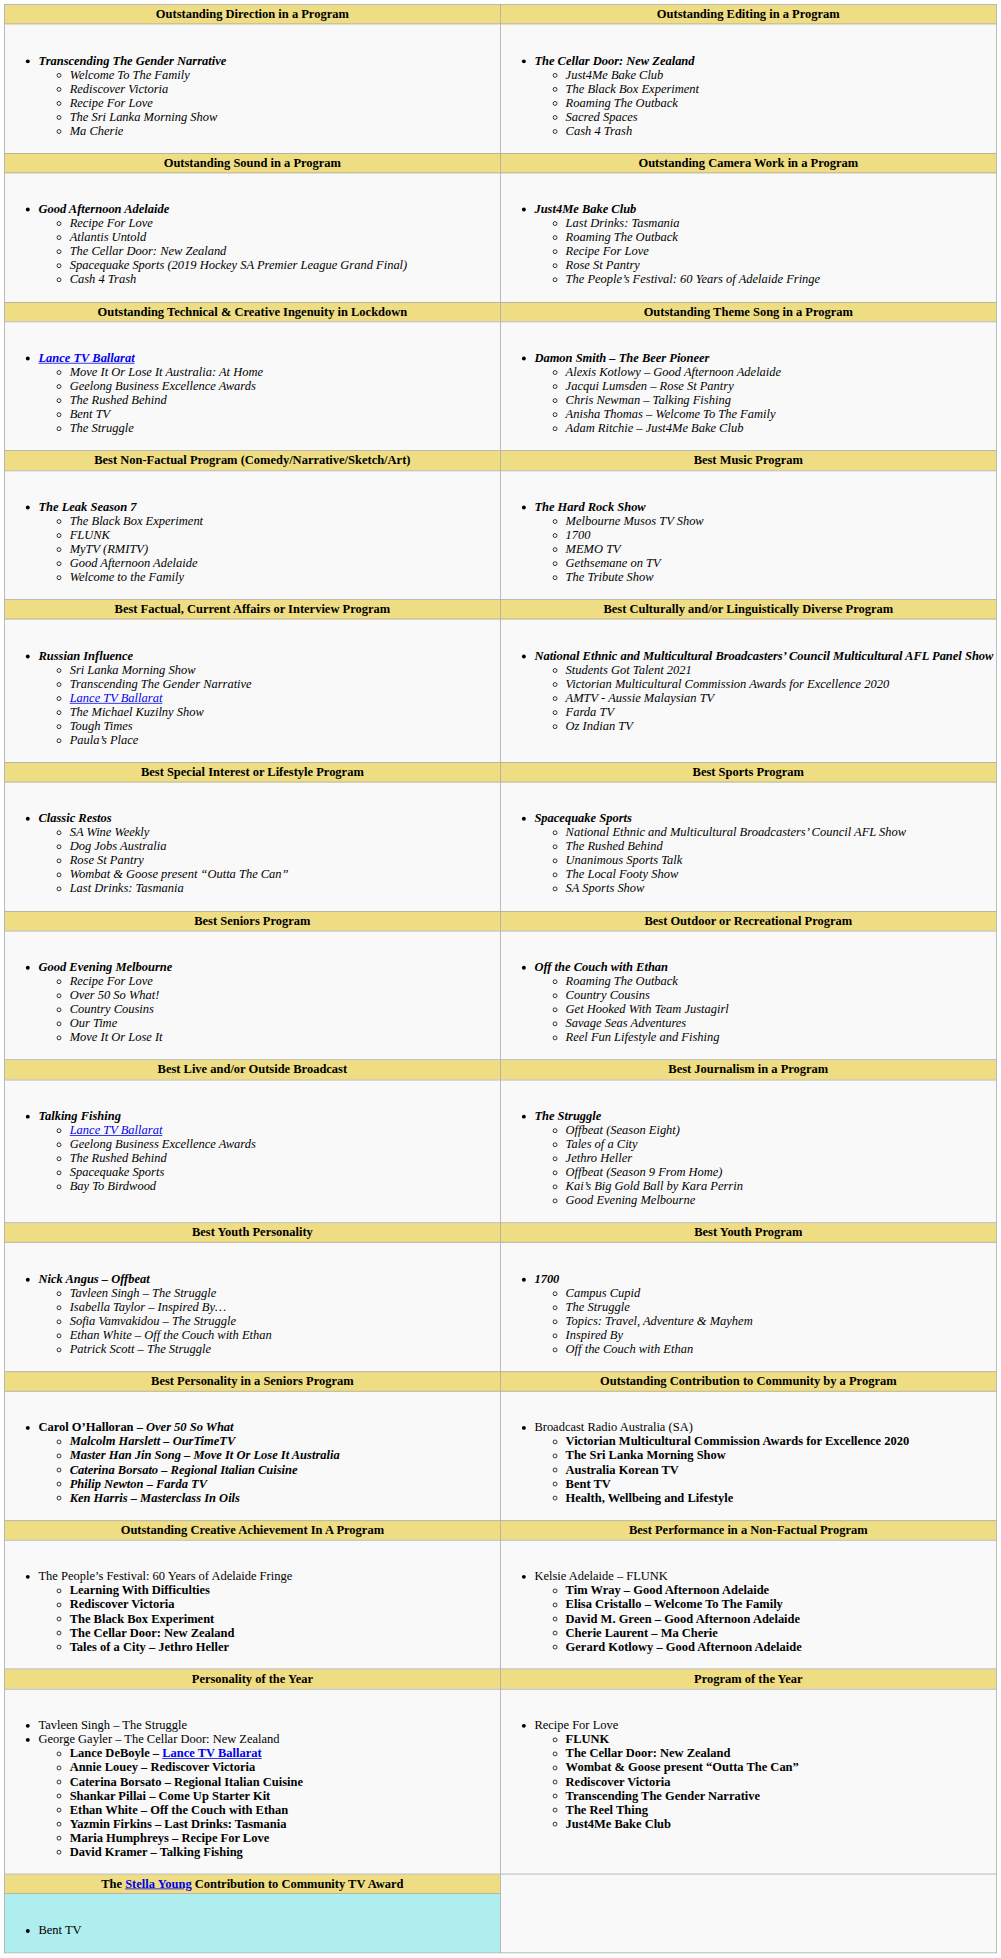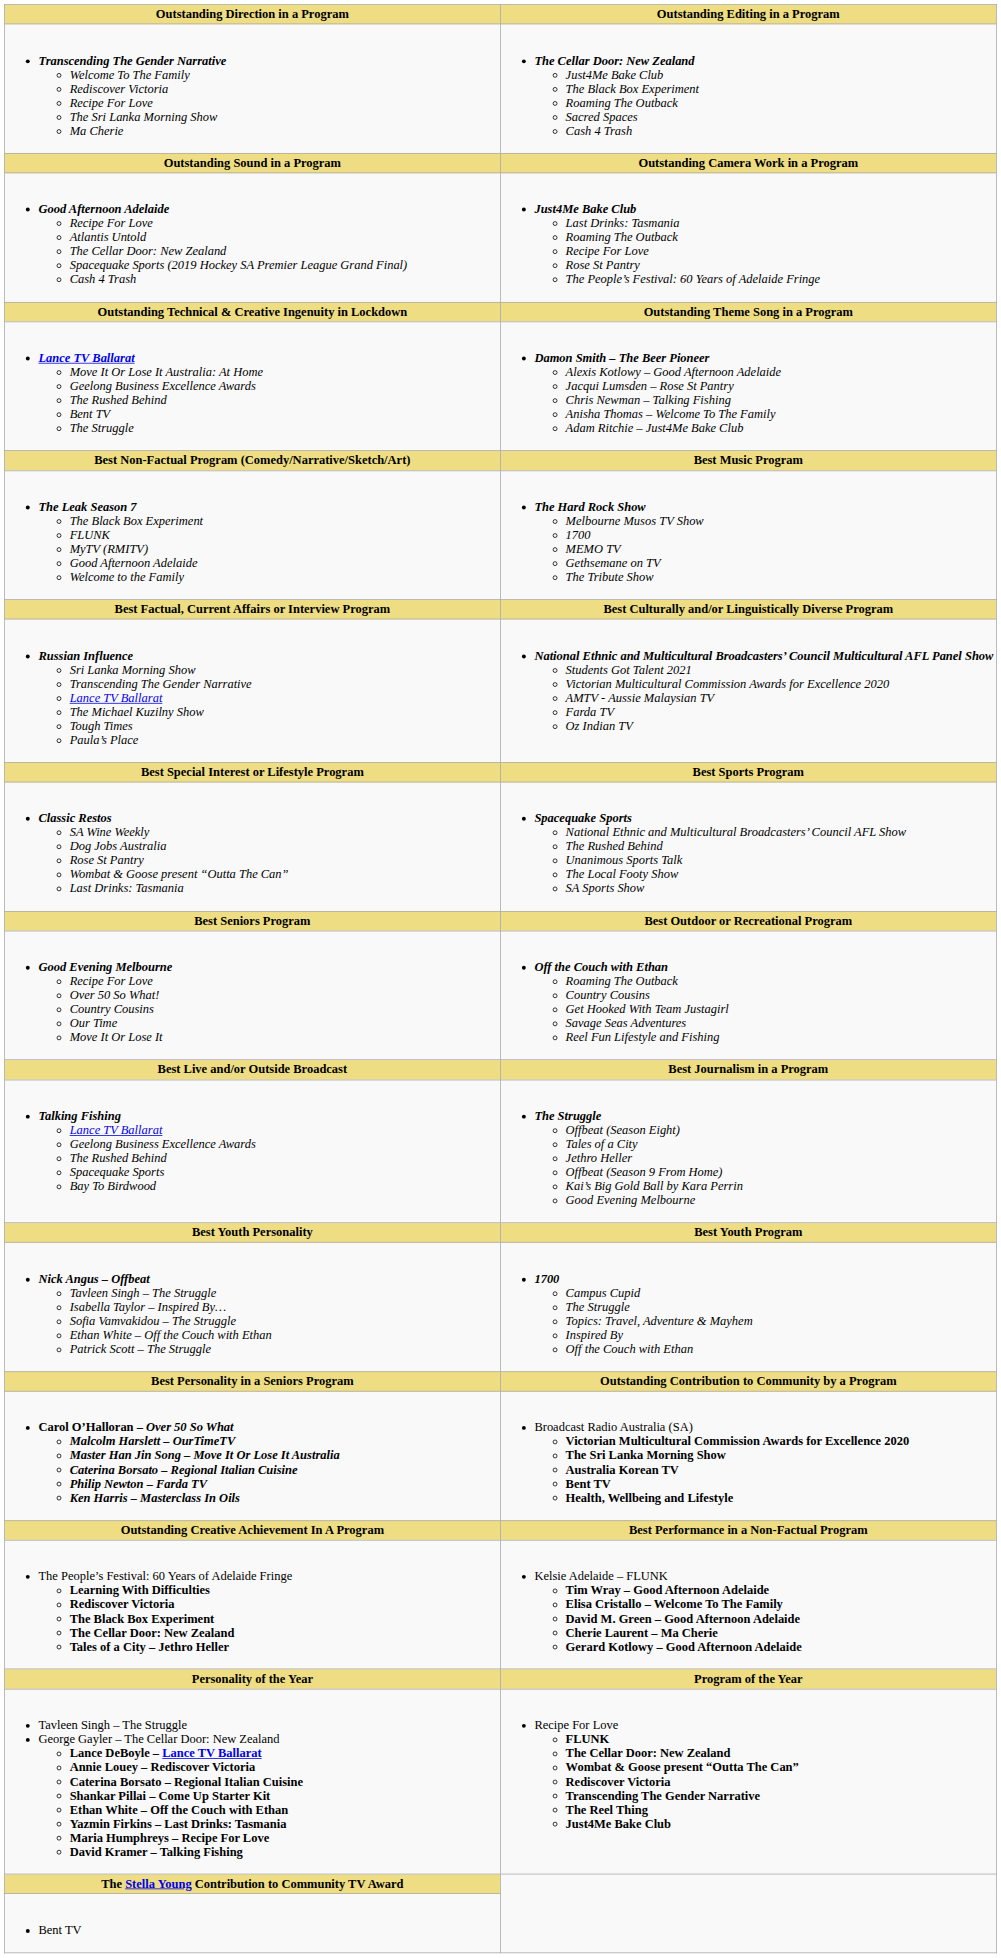 <table class=wikitable>
 <tr>
 <th style="width:50%; background:#EEDD82;">Outstanding Direction in a Program</th>
 <th style="width:50%; background:#EEDD82;">Outstanding Editing in a Program</th>
 </tr>
 <tr>
 <td valign="top"><br><ul><li><strong><em>Transcending The Gender Narrative</em></strong><ul><li><em>Welcome To The Family</em></li><li><em>Rediscover Victoria</em></li><li><em>Recipe For Love</em></li><li><em>The Sri Lanka Morning Show</em></li><li><em>Ma Cherie</em></li></ul></li></ul></td>
 <td valign="top"><br><ul><li><strong><em>The Cellar Door: New Zealand</em></strong><ul><li><em>Just4Me Bake Club</em></li><li><em>The Black Box Experiment</em></li><li><em>Roaming The Outback</em></li><li><em>Sacred Spaces</em></li><li><em>Cash 4 Trash</em></li></ul></li></ul></td>
 </tr>
 <tr>
 <th style="width:50%; background:#EEDD82;">Outstanding Sound in a Program</th>
 <th style="width:50%; background:#EEDD82;">Outstanding Camera Work in a Program</th>
 </tr>
 <tr>
 <td valign="top"><br><ul><li><strong><em>Good Afternoon Adelaide</em></strong><ul><li><em>Recipe For Love</em></li><li><em>Atlantis Untold</em></li><li><em>The Cellar Door: New Zealand</em></li><li><em>Spacequake Sports (2019 Hockey SA Premier League Grand Final)</em></li><li><em>Cash 4 Trash</em></li></ul></li></ul></td>
 <td valign="top"><br><ul><li><strong><em>Just4Me Bake Club</em></strong><ul><li><em>Last Drinks: Tasmania</em></li><li><em>Roaming The Outback</em></li><li><em>Recipe For Love</em></li><li><em>Rose St Pantry</em></li><li><em>The People’s Festival: 60 Years of Adelaide Fringe</em></li></ul></li></ul></td>
 </tr>
 <tr>
 <th style="width:50%; background:#EEDD82;">Outstanding Technical & Creative Ingenuity in Lockdown</th>
 <th style="width:50%; background:#EEDD82;">Outstanding Theme Song in a Program</th>
 </tr>
 <tr>
 <td valign="top"><br><ul><li><strong><em><a href='#'>Lance TV Ballarat</a></em></strong><ul><li><em>Move It Or Lose It Australia: At Home</em></li><li><em>Geelong Business Excellence Awards</em></li><li><em>The Rushed Behind</em></li><li><em>Bent TV</em></li><li><em>The Struggle</em></li></ul></li></ul></td>
 <td valign="top"><br><ul><li><strong><em>Damon Smith – The Beer Pioneer</em></strong><ul><li><em>Alexis Kotlowy – Good Afternoon Adelaide</em></li><li><em>Jacqui Lumsden – Rose St Pantry</em></li><li><em>Chris Newman – Talking Fishing</em></li><li><em>Anisha Thomas – Welcome To The Family</em></li><li><em>Adam Ritchie – Just4Me Bake Club</em></li></ul></li></ul></td>
 </tr>
 <tr>
 <th style="width:50%; background:#EEDD82;">Best Non-Factual Program (Comedy/Narrative/Sketch/Art)</th>
 <th style="width:50%; background:#EEDD82;">Best Music Program</th>
 </tr>
 <tr>
 <td valign="top"><br><ul><li><strong><em>The Leak Season 7</em></strong><ul><li><em>The Black Box Experiment</em></li><li><em>FLUNK</em></li><li><em>MyTV (RMITV)</em></li><li><em>Good Afternoon Adelaide</em></li><li><em>Welcome to the Family</em></li></ul></li></ul></td>
 <td valign="top"><br><ul><li><strong><em>The Hard Rock Show</em></strong><ul><li><em>Melbourne Musos TV Show</em></li><li><em>1700</em></li><li><em>MEMO TV</em></li><li><em>Gethsemane on TV</em></li><li><em>The Tribute Show</em></li></ul></li></ul></td>
 </tr>
 <tr>
 <th style="width:50%; background:#EEDD82;">Best Factual, Current Affairs or Interview Program</th>
 <th style="width:50%; background:#EEDD82;">Best Culturally and/or Linguistically Diverse Program</th>
 </tr>
 <tr>
 <td valign="top"><br><ul><li><strong><em>Russian Influence</em></strong><ul><li><em>Sri Lanka Morning Show</em></li><li><em>Transcending The Gender Narrative</em></li><li><em><a href='#'>Lance TV Ballarat</a></em></li><li><em>The Michael Kuzilny Show</em></li><li><em>Tough Times</em></li><li><em>Paula’s Place</em></li></ul></li></ul></td>
 <td valign="top"><br><ul><li><strong><em>National Ethnic and Multicultural Broadcasters’ Council Multicultural AFL Panel Show</em></strong><ul><li><em>Students Got Talent 2021</em></li><li><em>Victorian Multicultural Commission Awards for Excellence 2020</em></li><li><em>AMTV - Aussie Malaysian TV</em></li><li><em>Farda TV</em></li><li><em>Oz Indian TV</em></li></ul></li></ul></td>
 </tr>
 <tr>
 <th style="width:50%; background:#EEDD82;">Best Special Interest or Lifestyle Program</th>
 <th style="width:50%; background:#EEDD82;">Best Sports Program</th>
 </tr>
 <tr>
 <td valign="top"><br><ul><li><strong><em>Classic Restos</em></strong><ul><li><em>SA Wine Weekly</em></li><li><em>Dog Jobs Australia</em></li><li><em>Rose St Pantry</em></li><li><em>Wombat & Goose present “Outta The Can”</em></li><li><em>Last Drinks: Tasmania</em></li></ul></li></ul></td>
 <td valign="top"><br><ul><li><strong><em>Spacequake Sports</em></strong><ul><li><em>National Ethnic and Multicultural Broadcasters’ Council AFL Show </em></li><li><em>The Rushed Behind</em></li><li><em>Unanimous Sports Talk</em></li><li><em>The Local Footy Show</em></li><li><em>SA Sports Show</em></li></ul></li></ul></td>
 </tr>
 <tr>
 <th style="width:50%; background:#EEDD82;">Best Seniors Program</th>
 <th style="width:50%; background:#EEDD82;">Best Outdoor or Recreational Program</th>
 </tr>
 <tr>
 <td valign="top"><br><ul><li><strong><em>Good Evening Melbourne</em></strong><ul><li><em>Recipe For Love</em></li><li><em>Over 50 So What!</em></li><li><em>Country Cousins</em></li><li><em>Our Time</em></li><li><em>Move It Or Lose It</em></li></ul></li></ul></td>
 <td valign="top"><br><ul><li><strong><em>Off the Couch with Ethan</em></strong><ul><li><em>Roaming The Outback</em></li><li><em>Country Cousins</em></li><li><em>Get Hooked With Team Justagirl</em></li><li><em>Savage Seas Adventures</em></li><li><em>Reel Fun Lifestyle and Fishing</em></li></ul></li></ul></td>
 </tr>
 <tr>
 <th style="width:50%; background:#EEDD82;">Best Live and/or Outside Broadcast</th>
 <th style="width:50%; background:#EEDD82;">Best Journalism in a Program</th>
 </tr>
 <tr>
 <td valign="top"><br><ul><li><strong><em>Talking Fishing</em></strong><ul><li><em><a href='#'>Lance TV Ballarat</a></em></li><li><em>Geelong Business Excellence Awards</em></li><li><em>The Rushed Behind</em></li><li><em>Spacequake Sports</em></li><li><em>Bay To Birdwood</em></li></ul></li></ul></td>
 <td valign="top"><br><ul><li><strong><em>The Struggle</em></strong><ul><li><em>Offbeat (Season Eight)</em></li><li><em>Tales of a City</em></li><li><em>Jethro Heller</em></li><li><em>Offbeat (Season 9 From Home)</em></li><li><em>Kai’s Big Gold Ball by Kara Perrin</em></li><li><em>Good Evening Melbourne</em></li></ul></li></ul></td>
 </tr>
 <tr>
 <th style="width:50%; background:#EEDD82;">Best Youth Personality</th>
 <th style="width:50%; background:#EEDD82;">Best Youth Program</th>
 </tr>
 <tr>
 <td valign="top"><br><ul><li><strong><em>Nick Angus – Offbeat</em></strong><ul><li><em>Tavleen Singh – The Struggle</em></li><li><em>Isabella Taylor – Inspired By…</em></li><li><em>Sofia Vamvakidou – The Struggle</em></li><li><em>Ethan White – Off the Couch with Ethan</em></li><li><em>Patrick Scott – The Struggle</em></li></ul></li></ul></td>
 <td valign="top"><br><ul><li><strong><em>1700</em></strong><ul><li><em>Campus Cupid</em></li><li><em>The Struggle</em></li><li><em>Topics: Travel, Adventure & Mayhem</em></li><li><em>Inspired By</em></li><li><em>Off the Couch with Ethan</em></li></ul></li></ul></td>
 </tr>
 <tr>
 <th style="width:50%; background:#EEDD82;">Best Personality in a Seniors Program</th>
 <th style="width:50%; background:#EEDD82;">Outstanding Contribution to Community by a Program</th>
 </tr>
 <tr>
 <td valign="top"><br><ul><li><strong>Carol O’Halloran – <em>Over 50 So What<strong><em><ul><li>Malcolm Harslett – </em>OurTimeTV<em></li><li>Master Han Jin Song – </em>Move It Or Lose It Australia<em></li><li>Caterina Borsato – </em>Regional Italian Cuisine<em></li><li>Philip Newton – </em>Farda TV<em></li><li>Ken Harris – </em>Masterclass In Oils<em></li></ul></li></ul></td>
 <td valign="top"><br><ul><li></em></strong>Broadcast Radio Australia (SA)<strong><em><ul><li></em>Victorian Multicultural Commission Awards for Excellence 2020<em></li><li></em>The Sri Lanka Morning Show<em></li><li></em>Australia Korean TV<em></li><li></em>Bent TV<em></li><li></em>Health, Wellbeing and Lifestyle<em></li></ul></li></ul></td>
 </tr>
 <tr>
 <th style="width:50%; background:#EEDD82;">Outstanding Creative Achievement In A Program</th>
 <th style="width:50%; background:#EEDD82;">Best Performance in a Non-Factual Program</th>
 </tr>
 <tr>
 <td valign="top"><br><ul><li></em></strong>The People’s Festival: 60 Years of Adelaide Fringe<strong><em><ul><li></em>Learning With Difficulties<em></li><li></em>Rediscover Victoria<em></li><li></em>The Black Box Experiment<em></li><li></em>The Cellar Door: New Zealand<em></li><li></em>Tales of a City – Jethro Heller<em></li></ul></li></ul></td>
 <td valign="top"><br><ul><li></em></strong>Kelsie Adelaide – FLUNK<strong><em><ul><li></em>Tim Wray – Good Afternoon Adelaide<em></li><li></em>Elisa Cristallo – Welcome To The Family<em></li><li></em>David M. Green – Good Afternoon Adelaide<em></li><li></em>Cherie Laurent – Ma Cherie<em></li><li></em>Gerard Kotlowy – Good Afternoon Adelaide<em></li></ul></li></ul></td>
 </tr>
 <tr>
 <th style="width:50%; background:#EEDD82;">Personality of the Year</th>
 <th style="width:50%; background:#EEDD82;">Program of the Year</th>
 </tr>
 <tr>
 <td valign="top"><br><ul><li></em></strong>Tavleen Singh – The Struggle<strong><em></li><li></em></strong>George Gayler – The Cellar Door: New Zealand<strong><em><ul><li></em>Lance DeBoyle – <a href='#'>Lance TV Ballarat</a><em></li><li></em>Annie Louey – Rediscover Victoria<em></li><li></em>Caterina Borsato – Regional Italian Cuisine<em></li><li></em>Shankar Pillai – Come Up Starter Kit<em></li><li></em>Ethan White – Off the Couch with Ethan<em></li><li></em>Yazmin Firkins – Last Drinks: Tasmania<em></li><li></em>Maria Humphreys – Recipe For Love<em></li><li></em>David Kramer – Talking Fishing<em></li></ul></li></ul></td>
 <td valign="top"><br><ul><li></em></strong>Recipe For Love<strong><em><ul><li></em>FLUNK<em></li><li></em>The Cellar Door: New Zealand<em></li><li></em>Wombat & Goose present “Outta The Can”<em></li><li></em>Rediscover Victoria<em></li><li></em>Transcending The Gender Narrative<em></li><li></em>The Reel Thing<em></li><li></em>Just4Me Bake Club<em></li></ul></li></ul></td>
 </tr>
 <tr>
 <th style="width:50%; background:#EEDD82;">The <a href='#'>Stella Young</a> Contribution to Community TV Award</th>
 </tr>
 <tr>
-<td valign="top" style="background: paleturquoise;"><br><ul><li></em></strong>Bent TV<strong><em></li></ul></td>
+<td valign="top"><br><ul><li></em></strong>Bent TV<strong><em></li></ul></td>
 </tr>
 </table>
